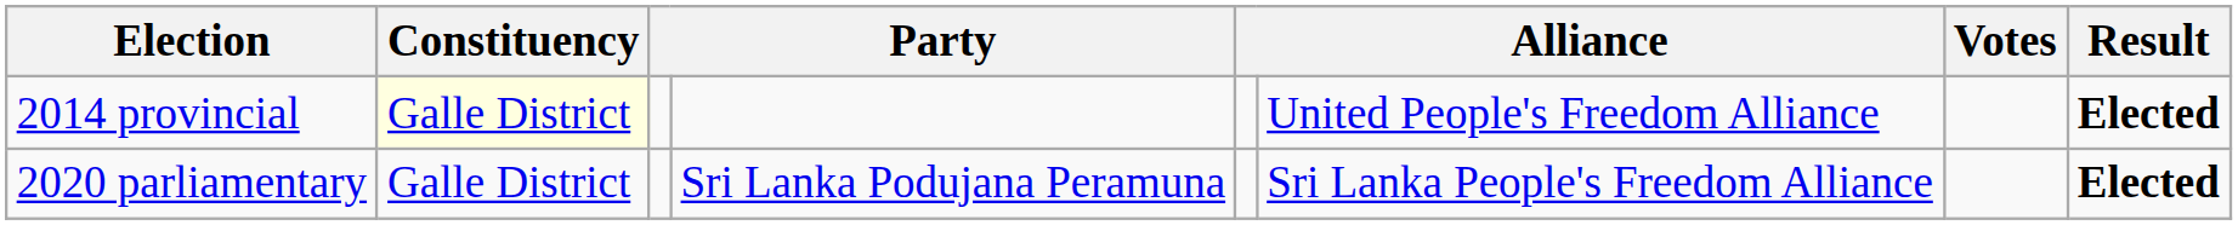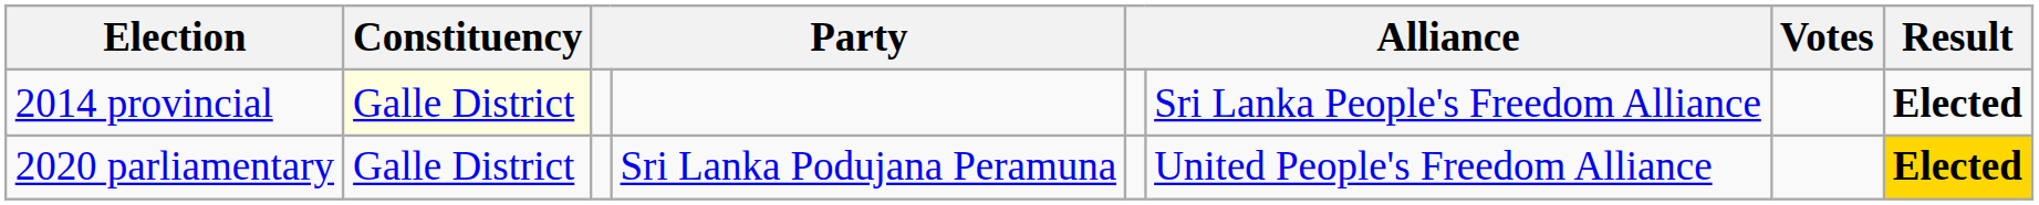 <table class="wikitable" style="text-align:left;">
 <tr>
 <th scope=col>Election</th>
 <th scope=col>Constituency</th>
 <th scope=col colspan="2">Party</th>
 <th scope=col colspan="2">Alliance</th>
 <th scope=col>Votes</th>
 <th scope=col>Result</th>
 </tr>
 <tr>
 <td><a href='#'>2014 provincial</a></td>
 <td style="background: lightyellow;"><a href='#'>Galle District</a></td>
 <td></td>
 <td></td>
 <td style="background:"></td>
-<td><a href='#'>United People's Freedom Alliance</a></td>
+<td><a href='#'>Sri Lanka People's Freedom Alliance</a></td>
 <td align=right></td>
 <td><strong>Elected</strong></td>
 </tr>
 <tr>
 <td><a href='#'>2020 parliamentary</a></td>
 <td><a href='#'>Galle District</a></td>
 <td style="background:"></td>
 <td><a href='#'>Sri Lanka Podujana Peramuna</a></td>
 <td style="background:"></td>
-<td><a href='#'>Sri Lanka People's Freedom Alliance</a></td>
+<td><a href='#'>United People's Freedom Alliance</a></td>
 <td align=right></td>
-<td><strong>Elected</strong></td>
+<td style="background: gold;"><strong>Elected</strong></td>
 </tr>
 </table>
